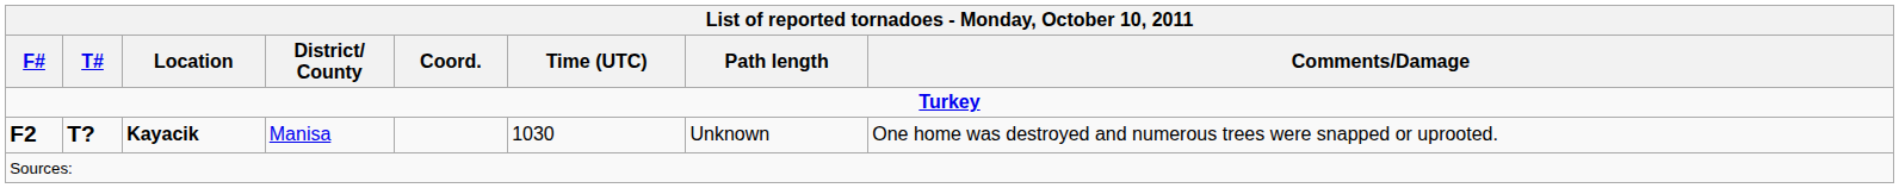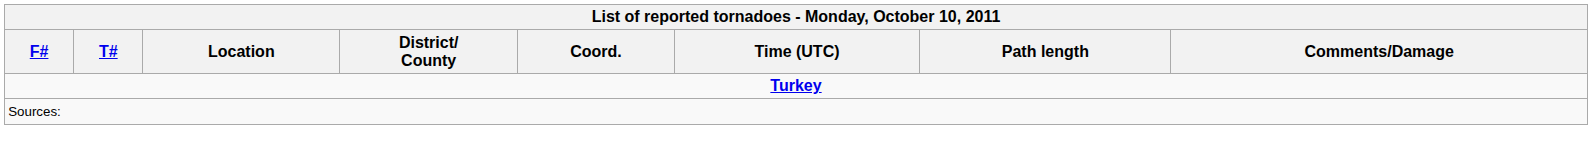 <table class="wikitable collapsible" width="100%">
 <tr>
 <th colspan="8">List of reported tornadoes - Monday, October 10, 2011</th>
 </tr>
 <tr>
 <th><a href='#'>F#</a></th>
 <th><a href='#'>T#</a></th>
 <th>Location</th>
 <th>District/<br>County</th>
 <th>Coord.</th>
 <th>Time (UTC)</th>
 <th>Path length</th>
 <th>Comments/Damage</th>
 </tr>
 <tr>
 <td colspan="8" align=center><strong><a href='#'>Turkey</a></strong></td>
 </tr>
 <tr>
-<td><big><strong>F2</strong></big></td>
-<td><big><strong>T?</strong></big></td>
-<td><strong>Kayacik</strong></td>
-<td><a href='#'>Manisa</a></td>
-<td></td>
-<td>1030</td>
-<td>Unknown</td>
-<td>One home was destroyed and numerous trees were snapped or uprooted.</td>
-</tr>
-<tr>
 <td colspan="8"><small>Sources:  </small></td>
 </tr>
 </table>
